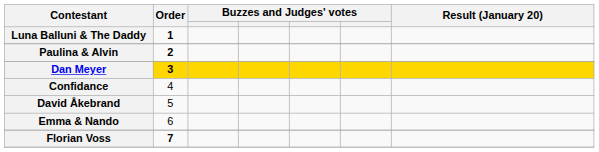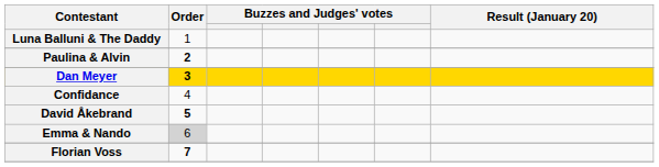 <table class="wikitable plainrowheaders sortable" style="text-align:center;">
 <tr>
 <th scope="col" rowspan="2" class="unsortable" style="width:17em;">Contestant</th>
 <th scope="col" rowspan="2" style="width:1em;">Order</th>
 <th scope="col" colspan="4" class="unsortable" style="width:24em;">Buzzes and Judges' votes</th>
 <th scope="col" rowspan="2" style="width:25em;">Result (January 20)</th>
 </tr>
 <tr>
 <th scope="col" class="unsortable" style="width:6em;"></th>
 <th scope="col" class="unsortable" style="width:6em;"></th>
 <th scope="col" class="unsortable" style="width:6em;"></th>
 <th scope="col" class="unsortable" style="width:6em;"></th>
 </tr>
 <tr>
 <th scope="row">Luna Balluni & The Daddy</th>
-<td><strong>1</strong></td>
+<td>1</td>
 <td style="text-align:center;"></td>
 <td style="text-align:center;"></td>
 <td style="text-align:center;"></td>
 <td style="text-align:center;"></td>
 <td></td>
 </tr>
 <tr>
 </tr>
 <tr -style="background:NavajoWhite">
 <th scope="row"><strong>Paulina & Alvin</strong></th>
 <td><strong>2</strong></td>
 <td style="text-align:center;"></td>
 <td style="text-align:center;"></td>
 <td style="text-align:center;"></td>
 <td style="text-align:center;"></td>
 <td><strong></strong></td>
 </tr>
 <tr>
 </tr>
 <tr style="background:gold">
 <th scope="row"><strong><a href='#'>Dan Meyer</a></strong></th>
 <td><strong>3</strong></td>
 <td style="text-align:center;"></td>
 <td style="text-align:center;"></td>
 <td style="text-align:center;"></td>
 <td></td>
 <td><strong></strong></td>
 </tr>
 <tr>
 <th scope="row">Confidance</th>
 <td>4</td>
 <td style="text-align:center;"></td>
 <td style="text-align:center;"></td>
 <td style="text-align:center;"></td>
 <td style="text-align:center;"></td>
 <td></td>
 </tr>
 <tr>
 <th scope="row">David Åkebrand</th>
-<td>5</td>
+<td><strong>5</strong></td>
 <td style="text-align:center;"></td>
 <td style="text-align:center;"></td>
 <td style="text-align:center;"></td>
 <td style="text-align:center;"></td>
 <td></td>
 </tr>
 <tr>
 <th scope="row">Emma & Nando</th>
-<td>6</td>
+<td style="background: lightgrey;">6</td>
 <td style="text-align:center;"></td>
 <td style="text-align:center;"></td>
 <td style="text-align:center;"></td>
 <td style="text-align:center;"></td>
 <td></td>
 </tr>
 <tr>
 </tr>
 <tr -style="background:NavajoWhite">
 <th scope="row"><strong>Florian Voss</strong></th>
 <td><strong>7</strong></td>
 <td style="text-align:center;"></td>
 <td style="text-align:center;"></td>
 <td style="text-align:center;"></td>
 <td style="text-align:center;"></td>
 <td><strong></strong></td>
 </tr>
 <tr>
 </tr>
 </table>
